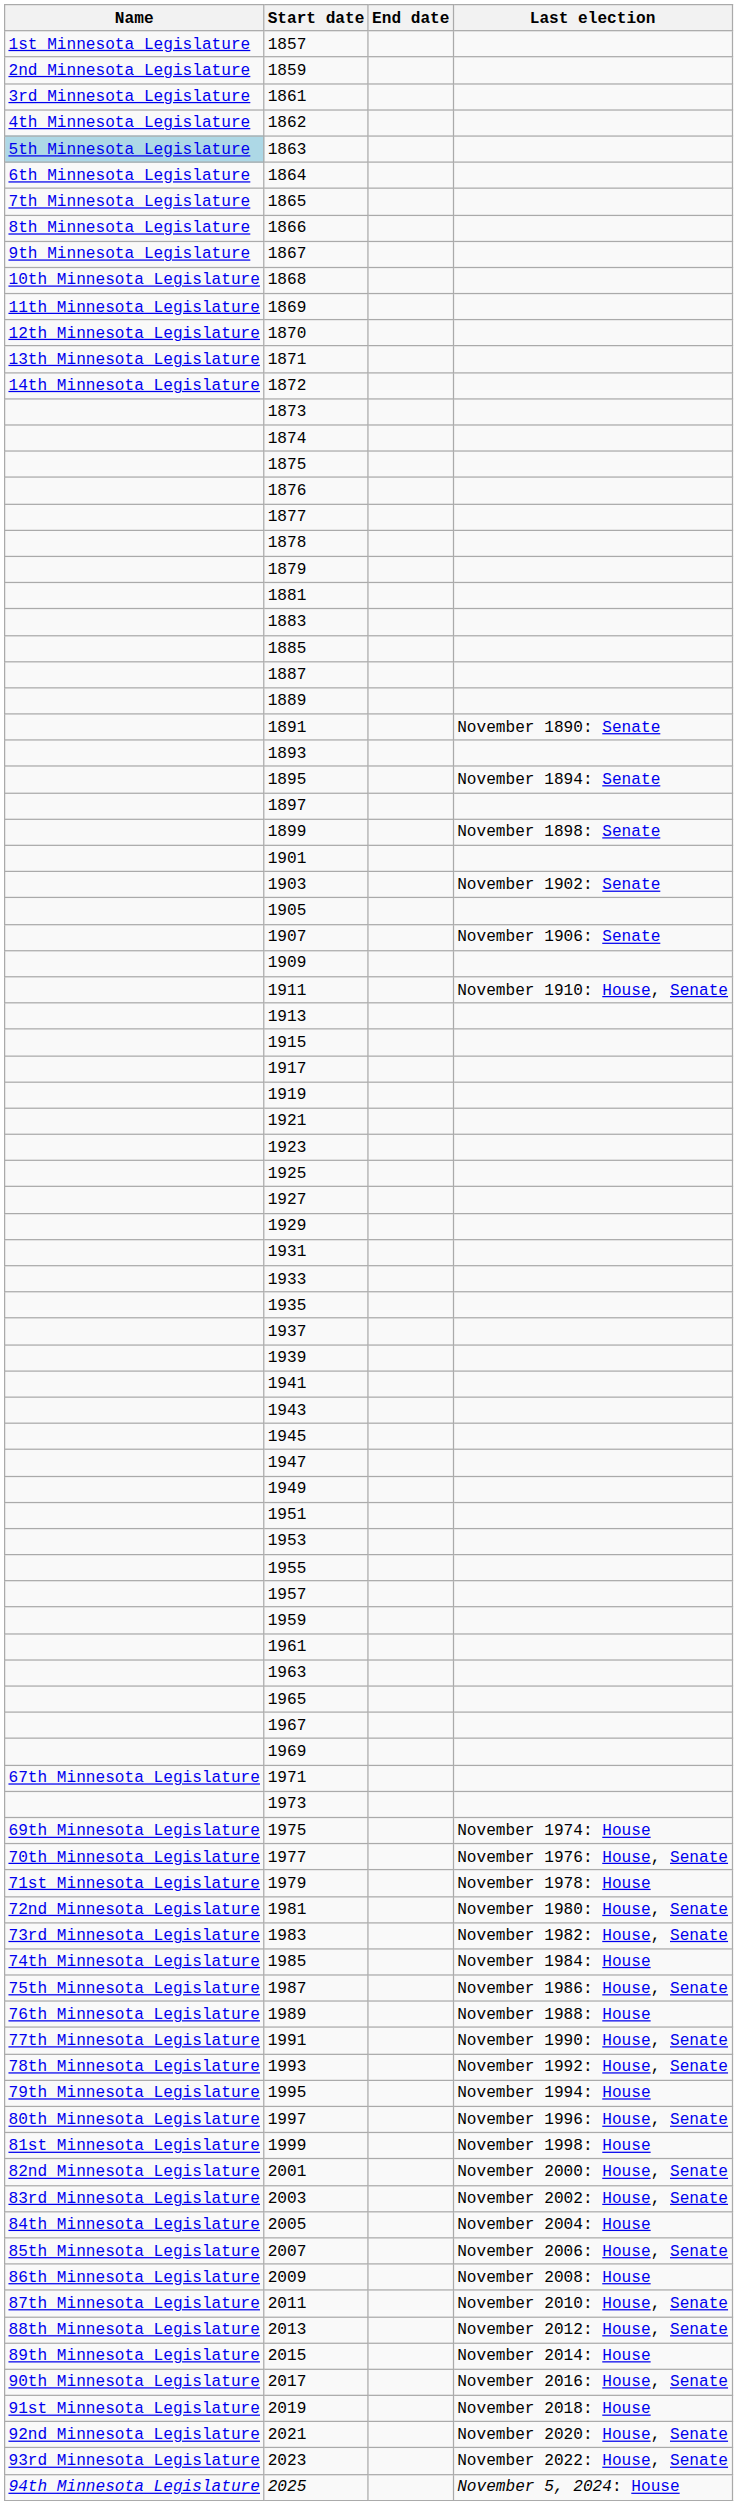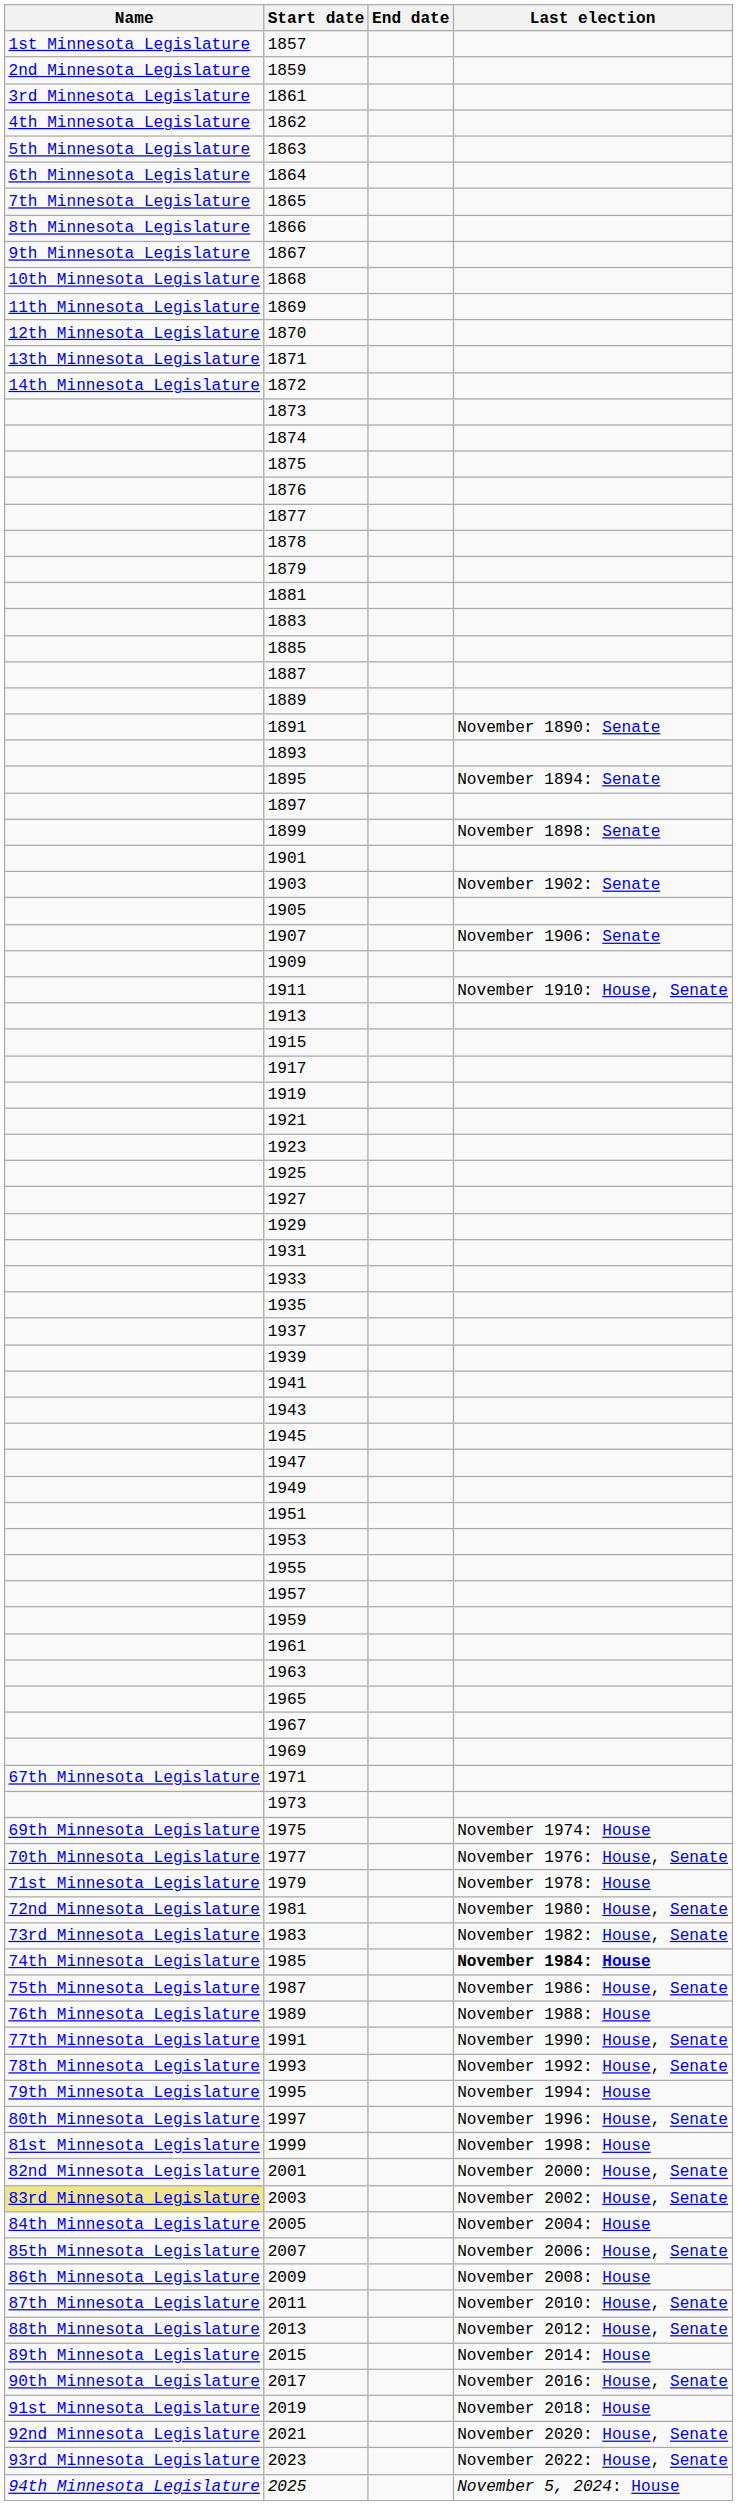 <table class="wikitable mw-datatable sticky-header">
 <tr>
 <th>Name</th>
 <th>Start date</th>
 <th>End date</th>
 <th>Last election</th>
 </tr>
 <tr>
 <td><a href='#'>1st Minnesota Legislature</a></td>
 <td>1857</td>
 <td></td>
 <td></td>
 </tr>
 <tr>
 <td><a href='#'>2nd Minnesota Legislature</a></td>
 <td>1859</td>
 <td></td>
 <td></td>
 </tr>
 <tr>
 <td><a href='#'>3rd Minnesota Legislature</a></td>
 <td>1861</td>
 <td></td>
 <td></td>
 </tr>
 <tr>
 <td><a href='#'>4th Minnesota Legislature</a></td>
 <td>1862</td>
 <td></td>
 <td></td>
 </tr>
 <tr>
-<td style="background: lightblue;"><a href='#'>5th Minnesota Legislature</a></td>
+<td><a href='#'>5th Minnesota Legislature</a></td>
 <td>1863</td>
 <td></td>
 <td></td>
 </tr>
 <tr>
 <td><a href='#'>6th Minnesota Legislature</a></td>
 <td>1864</td>
 <td></td>
 <td></td>
 </tr>
 <tr>
 <td><a href='#'>7th Minnesota Legislature</a></td>
 <td>1865</td>
 <td></td>
 <td></td>
 </tr>
 <tr>
 <td><a href='#'>8th Minnesota Legislature</a></td>
 <td>1866</td>
 <td></td>
 <td></td>
 </tr>
 <tr>
 <td><a href='#'>9th Minnesota Legislature</a></td>
 <td>1867</td>
 <td></td>
 <td></td>
 </tr>
 <tr>
 <td><a href='#'>10th Minnesota Legislature</a></td>
 <td>1868</td>
 <td></td>
 <td></td>
 </tr>
 <tr>
 <td><a href='#'>11th Minnesota Legislature</a></td>
 <td>1869</td>
 <td></td>
 <td></td>
 </tr>
 <tr>
 <td><a href='#'>12th Minnesota Legislature</a></td>
 <td>1870</td>
 <td></td>
 <td></td>
 </tr>
 <tr>
 <td><a href='#'>13th Minnesota Legislature</a></td>
 <td>1871</td>
 <td></td>
 <td></td>
 </tr>
 <tr>
 <td><a href='#'>14th Minnesota Legislature</a></td>
 <td>1872</td>
 <td></td>
 <td></td>
 </tr>
 <tr>
 <td></td>
 <td>1873</td>
 <td></td>
 <td></td>
 </tr>
 <tr>
 <td></td>
 <td>1874</td>
 <td></td>
 <td></td>
 </tr>
 <tr>
 <td></td>
 <td>1875</td>
 <td></td>
 <td></td>
 </tr>
 <tr>
 <td></td>
 <td>1876</td>
 <td></td>
 <td></td>
 </tr>
 <tr>
 <td></td>
 <td>1877</td>
 <td></td>
 <td></td>
 </tr>
 <tr>
 <td></td>
 <td>1878</td>
 <td></td>
 <td></td>
 </tr>
 <tr>
 <td></td>
 <td>1879</td>
 <td></td>
 <td></td>
 </tr>
 <tr>
 <td></td>
 <td>1881</td>
 <td></td>
 <td></td>
 </tr>
 <tr>
 <td></td>
 <td>1883</td>
 <td></td>
 <td></td>
 </tr>
 <tr>
 <td></td>
 <td>1885</td>
 <td></td>
 <td></td>
 </tr>
 <tr>
 <td></td>
 <td>1887</td>
 <td></td>
 <td></td>
 </tr>
 <tr>
 <td></td>
 <td>1889</td>
 <td></td>
 <td></td>
 </tr>
 <tr>
 <td></td>
 <td>1891</td>
 <td></td>
 <td>November 1890: <a href='#'>Senate</a></td>
 </tr>
 <tr>
 <td></td>
 <td>1893</td>
 <td></td>
 <td></td>
 </tr>
 <tr>
 <td></td>
 <td>1895</td>
 <td></td>
 <td>November 1894: <a href='#'>Senate</a></td>
 </tr>
 <tr>
 <td></td>
 <td>1897</td>
 <td></td>
 <td></td>
 </tr>
 <tr>
 <td></td>
 <td>1899</td>
 <td></td>
 <td>November 1898: <a href='#'>Senate</a></td>
 </tr>
 <tr>
 <td></td>
 <td>1901</td>
 <td></td>
 <td></td>
 </tr>
 <tr>
 <td></td>
 <td>1903</td>
 <td></td>
 <td>November 1902: <a href='#'>Senate</a></td>
 </tr>
 <tr>
 <td></td>
 <td>1905</td>
 <td></td>
 <td></td>
 </tr>
 <tr>
 <td></td>
 <td>1907</td>
 <td></td>
 <td>November 1906: <a href='#'>Senate</a></td>
 </tr>
 <tr>
 <td></td>
 <td>1909</td>
 <td></td>
 <td></td>
 </tr>
 <tr>
 <td></td>
 <td>1911</td>
 <td></td>
 <td>November 1910: <a href='#'>House</a>, <a href='#'>Senate</a></td>
 </tr>
 <tr>
 <td></td>
 <td>1913</td>
 <td></td>
 <td></td>
 </tr>
 <tr>
 <td></td>
 <td>1915</td>
 <td></td>
 <td></td>
 </tr>
 <tr>
 <td></td>
 <td>1917</td>
 <td></td>
 <td></td>
 </tr>
 <tr>
 <td></td>
 <td>1919</td>
 <td></td>
 <td></td>
 </tr>
 <tr>
 <td></td>
 <td>1921</td>
 <td></td>
 <td></td>
 </tr>
 <tr>
 <td></td>
 <td>1923</td>
 <td></td>
 <td></td>
 </tr>
 <tr>
 <td></td>
 <td>1925</td>
 <td></td>
 <td></td>
 </tr>
 <tr>
 <td></td>
 <td>1927</td>
 <td></td>
 <td></td>
 </tr>
 <tr>
 <td></td>
 <td>1929</td>
 <td></td>
 <td></td>
 </tr>
 <tr>
 <td></td>
 <td>1931</td>
 <td></td>
 <td></td>
 </tr>
 <tr>
 <td></td>
 <td>1933</td>
 <td></td>
 <td></td>
 </tr>
 <tr>
 <td></td>
 <td>1935</td>
 <td></td>
 <td></td>
 </tr>
 <tr>
 <td></td>
 <td>1937</td>
 <td></td>
 <td></td>
 </tr>
 <tr>
 <td></td>
 <td>1939</td>
 <td></td>
 <td></td>
 </tr>
 <tr>
 <td></td>
 <td>1941</td>
 <td></td>
 <td></td>
 </tr>
 <tr>
 <td></td>
 <td>1943</td>
 <td></td>
 <td></td>
 </tr>
 <tr>
 <td></td>
 <td>1945</td>
 <td></td>
 <td></td>
 </tr>
 <tr>
 <td></td>
 <td>1947</td>
 <td></td>
 <td></td>
 </tr>
 <tr>
 <td></td>
 <td>1949</td>
 <td></td>
 <td></td>
 </tr>
 <tr>
 <td></td>
 <td>1951</td>
 <td></td>
 <td></td>
 </tr>
 <tr>
 <td></td>
 <td>1953</td>
 <td></td>
 <td></td>
 </tr>
 <tr>
 <td></td>
 <td>1955</td>
 <td></td>
 <td></td>
 </tr>
 <tr>
 <td></td>
 <td>1957</td>
 <td></td>
 <td></td>
 </tr>
 <tr>
 <td></td>
 <td>1959</td>
 <td></td>
 <td></td>
 </tr>
 <tr>
 <td></td>
 <td>1961</td>
 <td></td>
 <td></td>
 </tr>
 <tr>
 <td></td>
 <td>1963</td>
 <td></td>
 <td></td>
 </tr>
 <tr>
 <td></td>
 <td>1965</td>
 <td></td>
 <td></td>
 </tr>
 <tr>
 <td></td>
 <td>1967</td>
 <td></td>
 <td></td>
 </tr>
 <tr>
 <td></td>
 <td>1969</td>
 <td></td>
 <td></td>
 </tr>
 <tr>
 <td><a href='#'>67th Minnesota Legislature</a></td>
 <td>1971</td>
 <td></td>
 <td></td>
 </tr>
 <tr>
 <td></td>
 <td>1973</td>
 <td></td>
 <td></td>
 </tr>
 <tr>
 <td><a href='#'>69th Minnesota Legislature</a></td>
 <td>1975</td>
 <td></td>
 <td>November 1974: <a href='#'>House</a></td>
 </tr>
 <tr>
 <td><a href='#'>70th Minnesota Legislature</a></td>
 <td>1977</td>
 <td></td>
 <td>November 1976: <a href='#'>House</a>, <a href='#'>Senate</a></td>
 </tr>
 <tr>
 <td><a href='#'>71st Minnesota Legislature</a></td>
 <td>1979</td>
 <td></td>
 <td>November 1978: <a href='#'>House</a></td>
 </tr>
 <tr>
 <td><a href='#'>72nd Minnesota Legislature</a></td>
 <td>1981</td>
 <td></td>
 <td>November 1980: <a href='#'>House</a>, <a href='#'>Senate</a></td>
 </tr>
 <tr>
 <td><a href='#'>73rd Minnesota Legislature</a></td>
 <td>1983</td>
 <td></td>
 <td>November 1982: <a href='#'>House</a>, <a href='#'>Senate</a></td>
 </tr>
 <tr>
 <td><a href='#'>74th Minnesota Legislature</a></td>
 <td>1985</td>
 <td></td>
-<td>November 1984: <a href='#'>House</a></td>
+<td><strong>November 1984: <a href='#'>House</a></strong></td>
 </tr>
 <tr>
 <td><a href='#'>75th Minnesota Legislature</a></td>
 <td>1987</td>
 <td></td>
 <td>November 1986: <a href='#'>House</a>, <a href='#'>Senate</a></td>
 </tr>
 <tr>
 <td><a href='#'>76th Minnesota Legislature</a></td>
 <td>1989</td>
 <td></td>
 <td>November 1988: <a href='#'>House</a></td>
 </tr>
 <tr>
 <td><a href='#'>77th Minnesota Legislature</a></td>
 <td>1991</td>
 <td></td>
 <td>November 1990: <a href='#'>House</a>, <a href='#'>Senate</a></td>
 </tr>
 <tr>
 <td><a href='#'>78th Minnesota Legislature</a></td>
 <td>1993</td>
 <td></td>
 <td>November 1992: <a href='#'>House</a>, <a href='#'>Senate</a></td>
 </tr>
 <tr>
 <td><a href='#'>79th Minnesota Legislature</a></td>
 <td>1995</td>
 <td></td>
 <td>November 1994: <a href='#'>House</a></td>
 </tr>
 <tr>
 <td><a href='#'>80th Minnesota Legislature</a></td>
 <td>1997</td>
 <td></td>
 <td>November 1996: <a href='#'>House</a>, <a href='#'>Senate</a></td>
 </tr>
 <tr>
 <td><a href='#'>81st Minnesota Legislature</a></td>
 <td>1999</td>
 <td></td>
 <td>November 1998: <a href='#'>House</a></td>
 </tr>
 <tr>
 <td><a href='#'>82nd Minnesota Legislature</a></td>
 <td>2001</td>
 <td></td>
 <td>November 2000: <a href='#'>House</a>, <a href='#'>Senate</a></td>
 </tr>
 <tr>
-<td><a href='#'>83rd Minnesota Legislature</a></td>
+<td style="background: khaki;"><a href='#'>83rd Minnesota Legislature</a></td>
 <td>2003</td>
 <td></td>
 <td>November 2002: <a href='#'>House</a>, <a href='#'>Senate</a></td>
 </tr>
 <tr>
 <td><a href='#'>84th Minnesota Legislature</a></td>
 <td>2005</td>
 <td></td>
 <td>November 2004: <a href='#'>House</a></td>
 </tr>
 <tr>
 <td><a href='#'>85th Minnesota Legislature</a></td>
 <td>2007</td>
 <td></td>
 <td>November 2006: <a href='#'>House</a>, <a href='#'>Senate</a></td>
 </tr>
 <tr>
 <td><a href='#'>86th Minnesota Legislature</a></td>
 <td>2009</td>
 <td></td>
 <td>November 2008: <a href='#'>House</a></td>
 </tr>
 <tr>
 <td><a href='#'>87th Minnesota Legislature</a></td>
 <td>2011</td>
 <td></td>
 <td>November 2010: <a href='#'>House</a>, <a href='#'>Senate</a></td>
 </tr>
 <tr>
 <td><a href='#'>88th Minnesota Legislature</a></td>
 <td>2013</td>
 <td></td>
 <td>November 2012: <a href='#'>House</a>, <a href='#'>Senate</a></td>
 </tr>
 <tr>
 <td><a href='#'>89th Minnesota Legislature</a></td>
 <td>2015</td>
 <td></td>
 <td>November 2014: <a href='#'>House</a></td>
 </tr>
 <tr>
 <td><a href='#'>90th Minnesota Legislature</a></td>
 <td>2017</td>
 <td></td>
 <td>November 2016: <a href='#'>House</a>, <a href='#'>Senate</a></td>
 </tr>
 <tr>
 <td><a href='#'>91st Minnesota Legislature</a></td>
 <td>2019</td>
 <td></td>
 <td>November 2018: <a href='#'>House</a></td>
 </tr>
 <tr>
 <td><a href='#'>92nd Minnesota Legislature</a></td>
 <td>2021</td>
 <td></td>
 <td>November 2020: <a href='#'>House</a>, <a href='#'>Senate</a></td>
 </tr>
 <tr>
 <td><a href='#'>93rd Minnesota Legislature</a></td>
 <td>2023</td>
 <td></td>
 <td>November 2022: <a href='#'>House</a>, <a href='#'>Senate</a></td>
 </tr>
 <tr>
 <td><em><a href='#'>94th Minnesota Legislature</a></em></td>
 <td><em>2025</em></td>
 <td></td>
 <td><em>November 5, 2024</em>: <a href='#'>House</a></td>
 </tr>
 <tr>
 </tr>
 </table>
